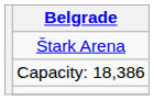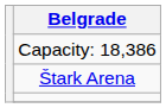 <table class="wikitable" style="text-align:center">
 <tr>
 <th rowspan="8" colspan="2"></th>
 <th><a href='#'>Belgrade</a></th>
 </tr>
 <tr>
-<td><a href='#'>Štark Arena</a></td>
+<td>Capacity: 18,386</td>
 </tr>
 <tr>
-<td>Capacity: 18,386</td>
+<td><a href='#'>Štark Arena</a></td>
 </tr>
 <tr>
 <td></td>
 </tr>
 <tr>
 </tr>
 </table>
